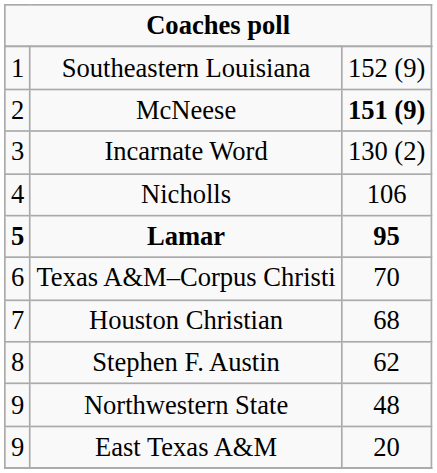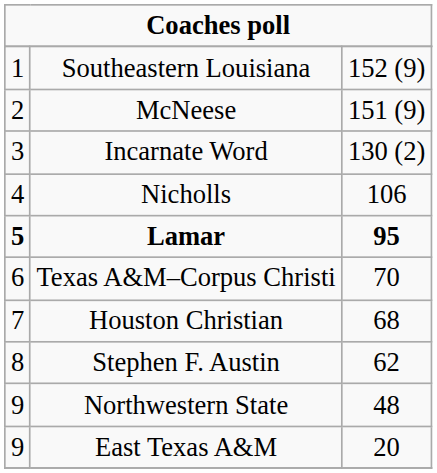 <table class="wikitable">
 <tr align="center">
 <td align="center" Colspan="3"><strong>Coaches poll</strong></td>
 </tr>
 <tr align="center">
 </tr>
 <tr align="center">
 <td>1</td>
 <td>Southeastern Louisiana</td>
 <td>152 (9)</td>
 </tr>
 <tr align="center">
 <td>2</td>
 <td>McNeese</td>
-<td><strong>151 (9)</strong></td>
+<td>151 (9)</td>
 </tr>
 <tr align="center">
 <td>3</td>
 <td>Incarnate Word</td>
 <td>130 (2)</td>
 </tr>
 <tr align="center">
 <td>4</td>
 <td>Nicholls</td>
 <td>106</td>
 </tr>
 <tr align="center">
 <td><strong>5</strong></td>
 <td><strong>Lamar</strong></td>
 <td><strong>95</strong></td>
 </tr>
 <tr align="center">
 <td>6</td>
 <td>Texas A&M–Corpus Christi</td>
 <td>70</td>
 </tr>
 <tr align="center">
 <td>7</td>
 <td>Houston Christian</td>
 <td>68</td>
 </tr>
 <tr align="center">
 <td>8</td>
 <td>Stephen F. Austin</td>
 <td>62</td>
 </tr>
 <tr align="center">
 <td>9</td>
 <td>Northwestern State</td>
 <td>48</td>
 </tr>
 <tr align="center">
 <td>9</td>
 <td>East Texas A&M</td>
 <td>20</td>
 </tr>
 <tr align="center">
 </tr>
 </table>
